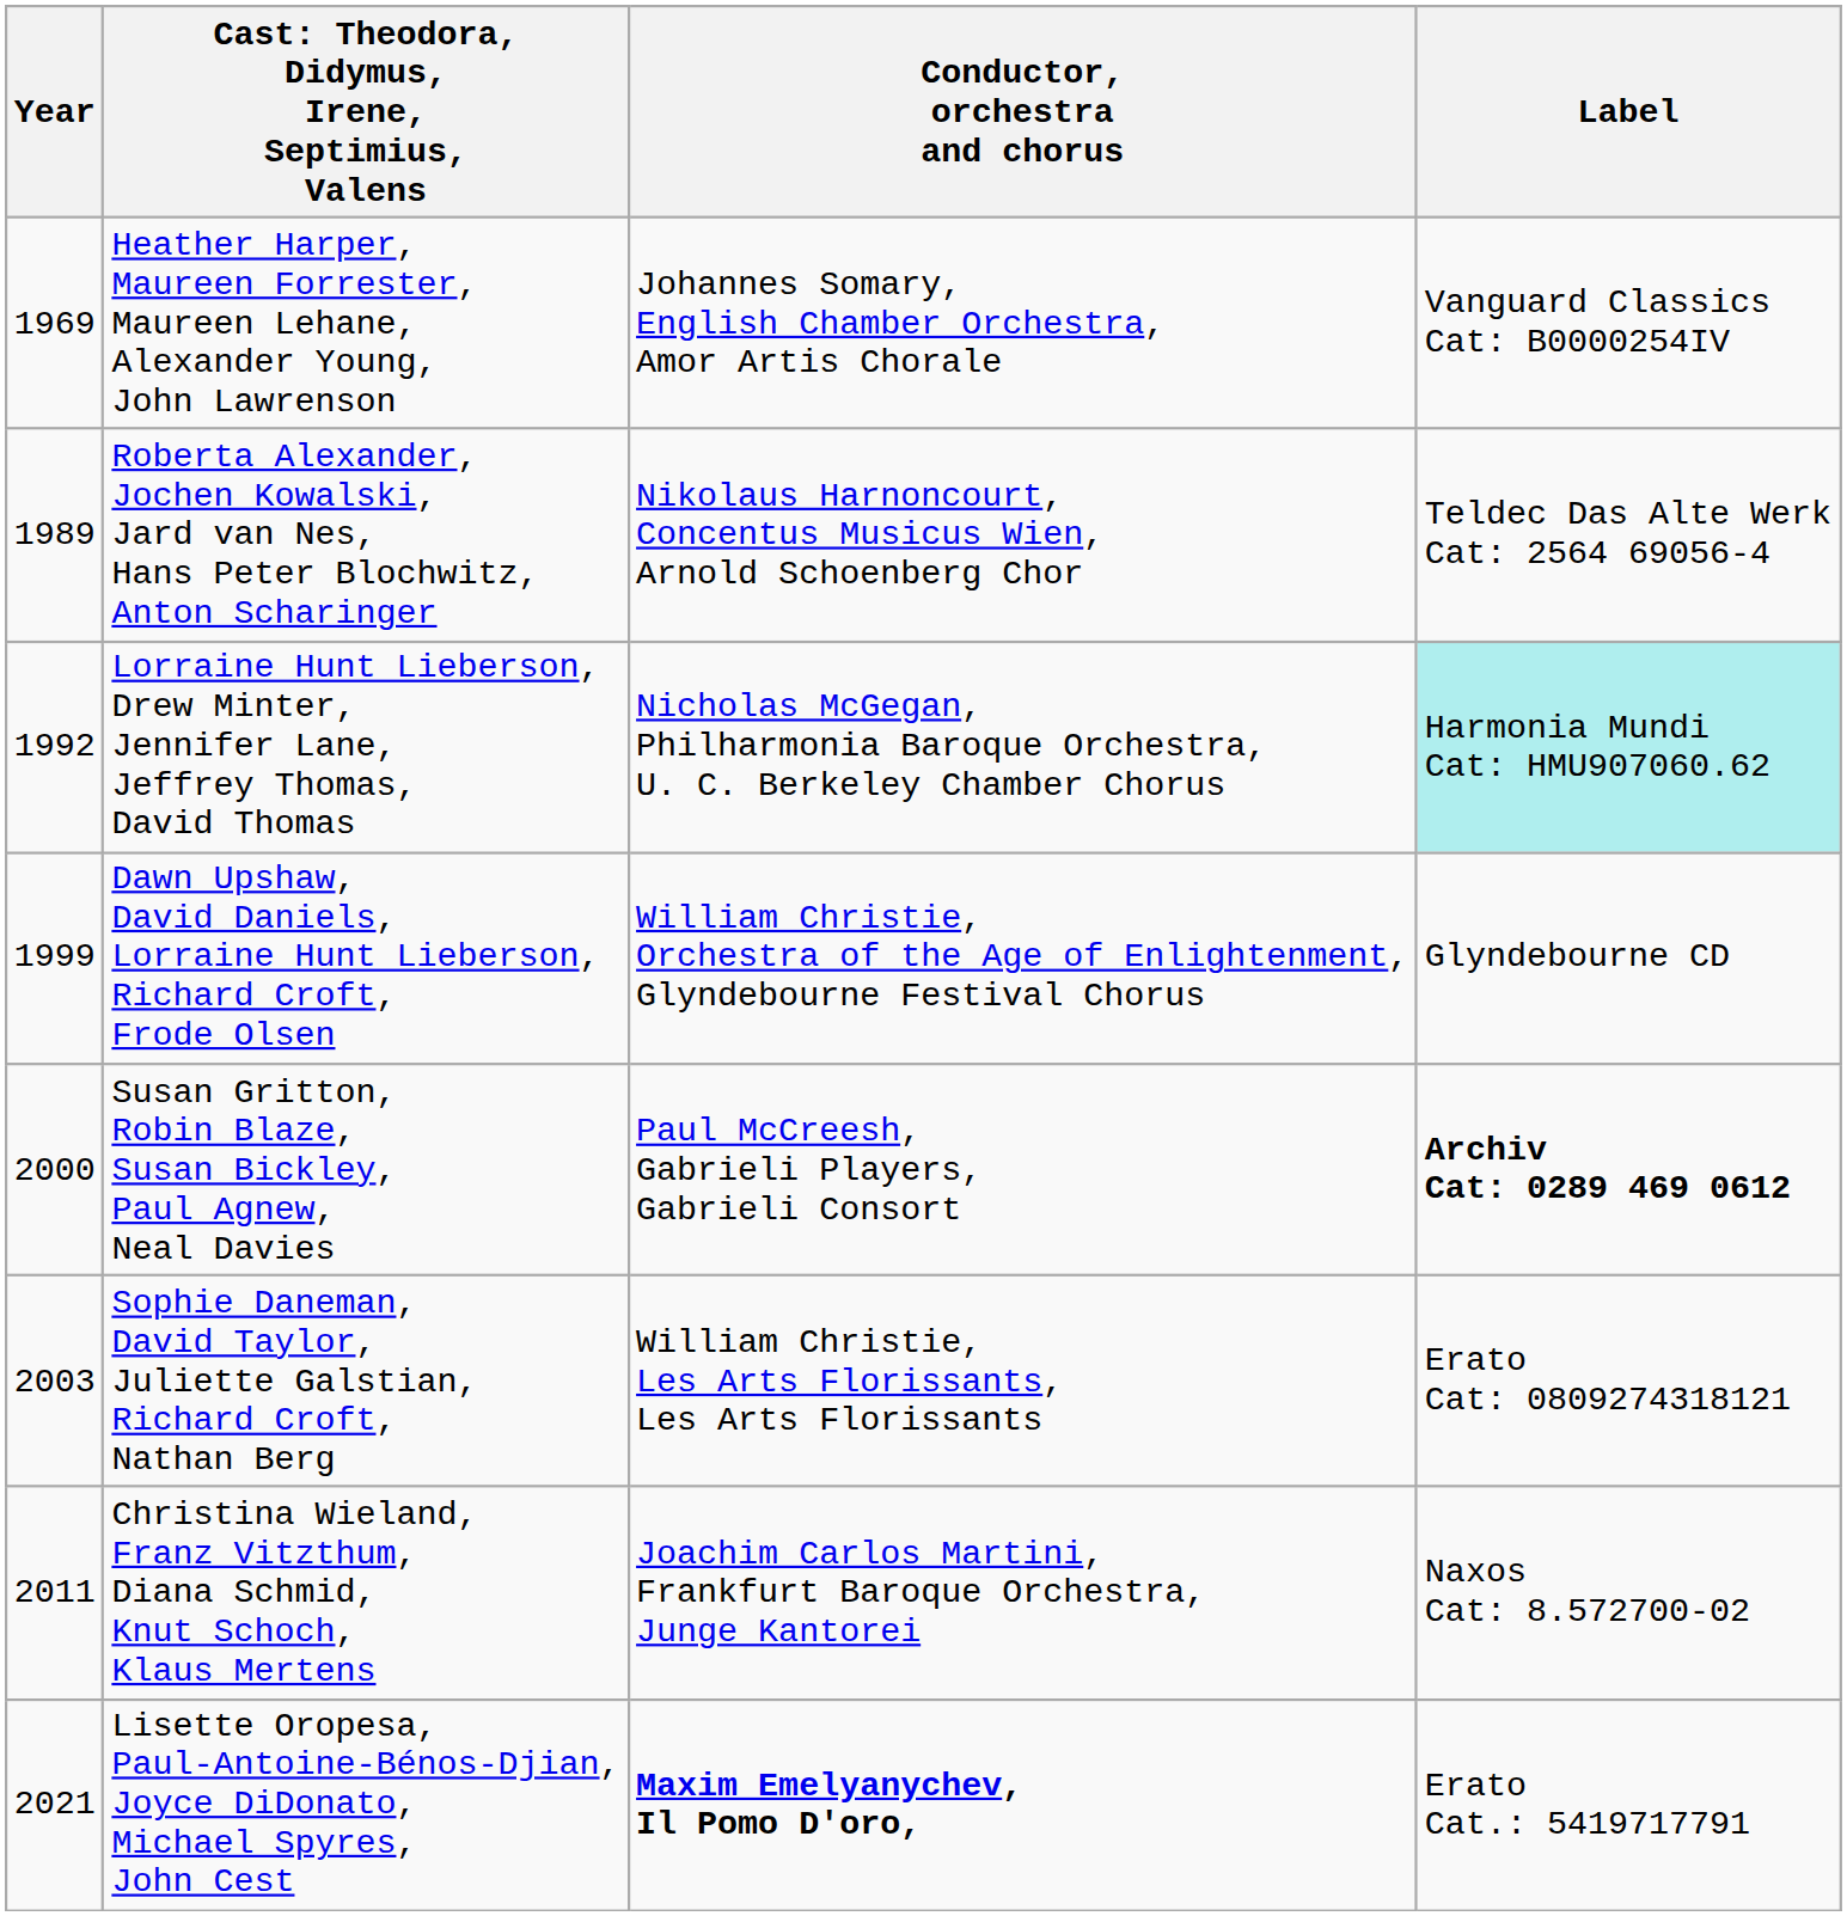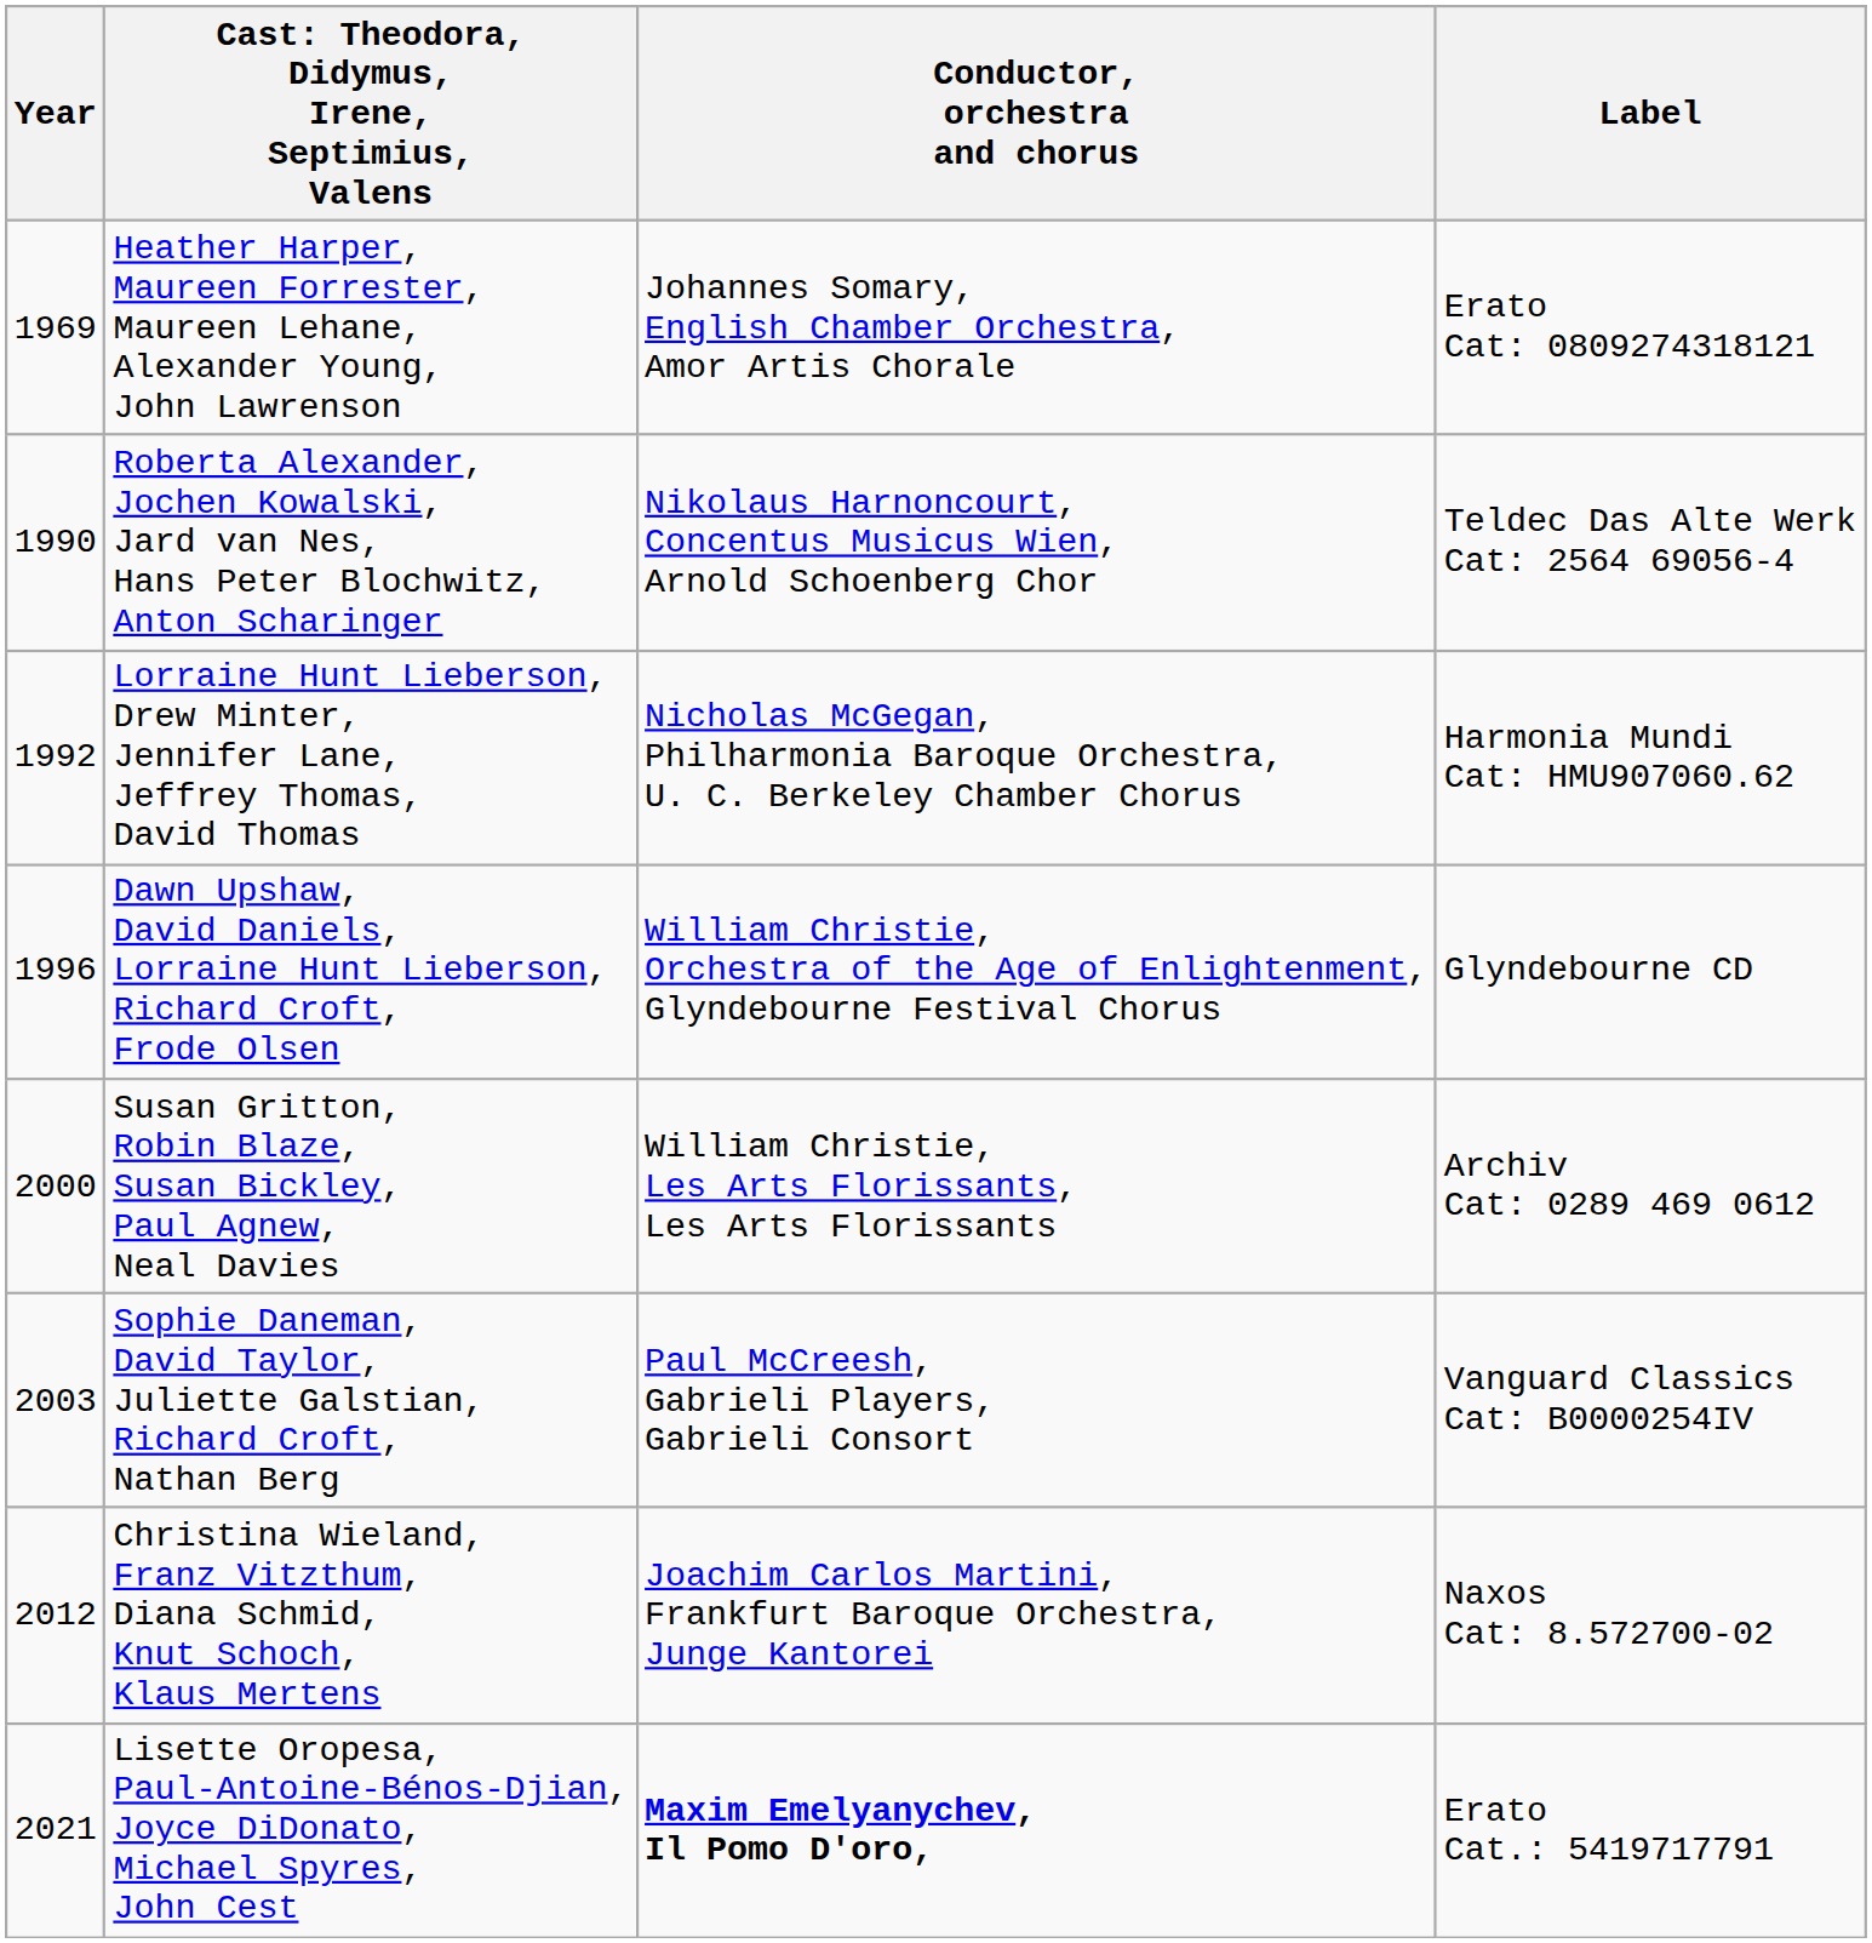 <table class="wikitable">
 <tr>
 <th>Year</th>
 <th>Cast: Theodora,<br>Didymus,<br>Irene,<br>Septimius,<br>Valens</th>
 <th>Conductor,<br>orchestra<br>and chorus</th>
 <th>Label</th>
 </tr>
 <tr>
 <td>1969</td>
 <td><a href='#'>Heather Harper</a>,<br><a href='#'>Maureen Forrester</a>,<br>Maureen Lehane,<br>Alexander Young,<br>John Lawrenson</td>
 <td>Johannes Somary,<br><a href='#'>English Chamber Orchestra</a>,<br>Amor Artis Chorale</td>
-<td>Vanguard Classics<br> Cat: B0000254IV</td>
+<td>Erato<br>Cat: 0809274318121</td>
 </tr>
 <tr>
-<td>1989</td>
+<td>1990</td>
 <td><a href='#'>Roberta Alexander</a>,<br><a href='#'>Jochen Kowalski</a>,<br>Jard van Nes,<br>Hans Peter Blochwitz,<br><a href='#'>Anton Scharinger</a></td>
 <td><a href='#'>Nikolaus Harnoncourt</a>,<br><a href='#'>Concentus Musicus Wien</a>,<br>Arnold Schoenberg Chor</td>
 <td>Teldec Das Alte Werk<br> Cat: 2564 69056-4</td>
 </tr>
 <tr>
 <td>1992</td>
 <td><a href='#'>Lorraine Hunt Lieberson</a>,<br>Drew Minter,<br>Jennifer Lane,<br>Jeffrey Thomas,<br>David Thomas</td>
 <td><a href='#'>Nicholas McGegan</a>,<br>Philharmonia Baroque Orchestra,<br>U. C. Berkeley Chamber Chorus</td>
-<td style="background: paleturquoise;">Harmonia Mundi<br> Cat: HMU907060.62</td>
+<td>Harmonia Mundi<br> Cat: HMU907060.62</td>
 </tr>
 <tr>
-<td>1999</td>
+<td>1996</td>
 <td><a href='#'>Dawn Upshaw</a>,<br><a href='#'>David Daniels</a>,<br><a href='#'>Lorraine Hunt Lieberson</a>,<br><a href='#'>Richard Croft</a>,<br><a href='#'>Frode Olsen</a></td>
 <td><a href='#'>William Christie</a>,<br><a href='#'>Orchestra of the Age of Enlightenment</a>,<br>Glyndebourne Festival Chorus</td>
 <td>Glyndebourne CD</td>
 </tr>
 <tr>
 <td>2000</td>
 <td>Susan Gritton,<br><a href='#'>Robin Blaze</a>,<br><a href='#'>Susan Bickley</a>,<br><a href='#'>Paul Agnew</a>,<br>Neal Davies</td>
-<td><a href='#'>Paul McCreesh</a>,<br>Gabrieli Players,<br>Gabrieli Consort</td>
-<td><strong>Archiv<br>Cat: 0289 469 0612</strong></td>
+<td>William Christie,<br><a href='#'>Les Arts Florissants</a>,<br>Les Arts Florissants</td>
+<td>Archiv<br>Cat: 0289 469 0612</td>
 </tr>
 <tr>
 <td>2003</td>
 <td><a href='#'>Sophie Daneman</a>,<br><a href='#'>David Taylor</a>,<br>Juliette Galstian,<br><a href='#'>Richard Croft</a>,<br>Nathan Berg</td>
-<td>William Christie,<br><a href='#'>Les Arts Florissants</a>,<br>Les Arts Florissants</td>
-<td>Erato<br>Cat: 0809274318121</td>
+<td><a href='#'>Paul McCreesh</a>,<br>Gabrieli Players,<br>Gabrieli Consort</td>
+<td>Vanguard Classics<br> Cat: B0000254IV</td>
 </tr>
 <tr>
-<td>2011</td>
+<td>2012</td>
 <td>Christina Wieland,<br><a href='#'>Franz Vitzthum</a>,<br>Diana Schmid,<br><a href='#'>Knut Schoch</a>,<br><a href='#'>Klaus Mertens</a></td>
 <td><a href='#'>Joachim Carlos Martini</a>,<br>Frankfurt Baroque Orchestra,<br><a href='#'>Junge Kantorei</a></td>
 <td>Naxos<br>Cat: 8.572700-02</td>
 </tr>
 <tr>
 <td>2021</td>
 <td>Lisette Oropesa,<br><a href='#'>Paul-Antoine-Bénos-Djian</a>,<br><a href='#'>Joyce DiDonato</a>,<br><a href='#'>Michael Spyres</a>,<br><a href='#'>John Cest</a></td>
 <td><strong><a href='#'>Maxim Emelyanychev</a>,<br>Il Pomo D'oro,</strong></td>
 <td>Erato<br>Cat.: 5419717791</td>
 </tr>
 </table>
